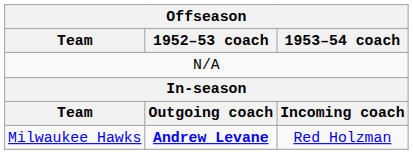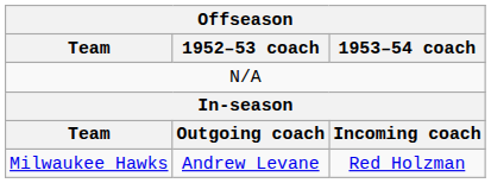 <table class="wikitable" border="1" style="text-align: center">
 <tr>
 <th colspan="3">Offseason</th>
 </tr>
 <tr>
 <th>Team</th>
 <th>1952–53 coach</th>
 <th>1953–54 coach</th>
 </tr>
 <tr>
 <td colspan="3">N/A</td>
 </tr>
 <tr>
 <th colspan="3">In-season</th>
 </tr>
 <tr>
 <th>Team</th>
 <th>Outgoing coach</th>
 <th>Incoming coach</th>
 </tr>
 <tr>
 <td><a href='#'>Milwaukee Hawks</a></td>
-<td><strong><a href='#'>Andrew Levane</a></strong></td>
+<td><a href='#'>Andrew Levane</a></td>
 <td><a href='#'>Red Holzman</a></td>
 </tr>
 </table>
